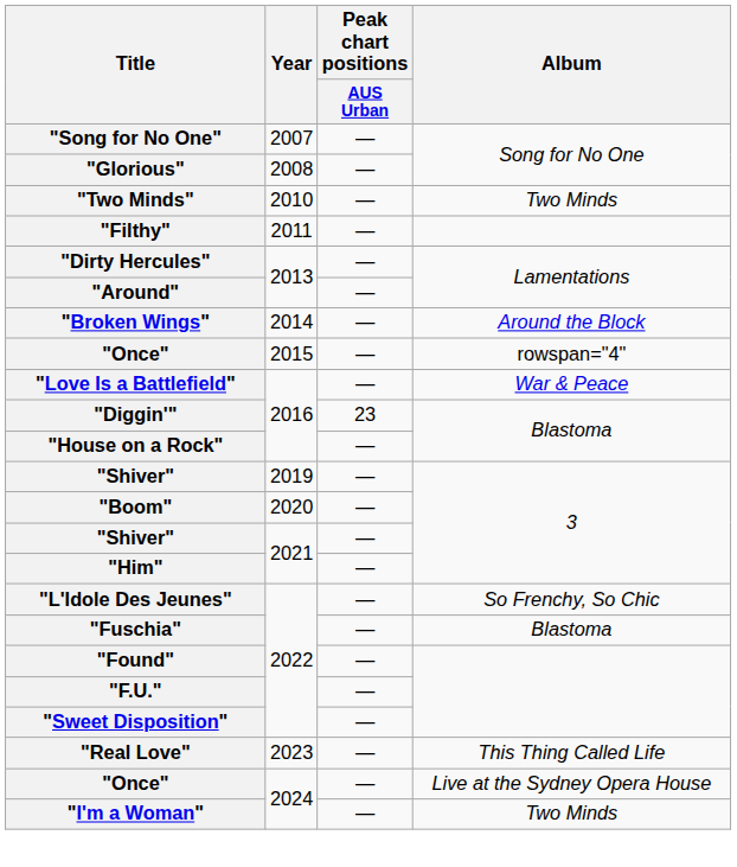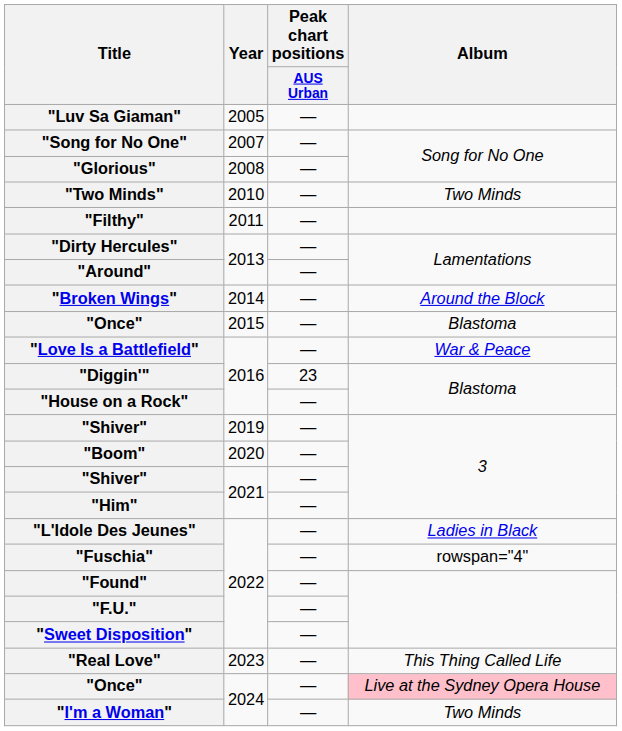 <table class="wikitable plainrowheaders" style="text-align:center">
 <tr>
 <th scope="col" rowspan="2" style="width:13em;">Title</th>
 <th scope="col" rowspan="2" style="width:1em;">Year</th>
 <th scope="col" colspan="1">Peak chart positions</th>
 <th scope="col" rowspan="2" style="width:16em;">Album</th>
 </tr>
 <tr>
 <th scope="col" style="width:3em;font-size:85%;"><a href='#'>AUS<br>Urban</a><br></th>
+</tr>
+<tr>
+<th scope="row">"Luv Sa Giaman"<br></th>
+<td>2005</td>
+<td>—</td>
+<td></td>
 </tr>
 <tr>
 <th scope="row">"Song for No One"</th>
 <td>2007</td>
 <td>—</td>
 <td rowspan="2"><em>Song for No One</em></td>
 </tr>
 <tr>
 <th scope="row">"Glorious"</th>
 <td>2008</td>
 <td>—</td>
 </tr>
 <tr>
 <th scope="row">"Two Minds"</th>
 <td>2010</td>
 <td>—</td>
 <td><em>Two Minds</em></td>
 </tr>
 <tr>
 <th scope="row">"Filthy"</th>
 <td>2011</td>
 <td>—</td>
 <td></td>
 </tr>
 <tr>
 <th scope="row">"Dirty Hercules"</th>
 <td rowspan="2">2013</td>
 <td>—</td>
 <td rowspan="2"><em>Lamentations</em></td>
 </tr>
 <tr>
 <th scope="row">"Around"</th>
 <td>—</td>
 </tr>
 <tr>
 <th scope="row">"<a href='#'>Broken Wings</a>" </th>
 <td>2014</td>
 <td>—</td>
 <td><em><a href='#'>Around the Block</a></em></td>
 </tr>
 <tr>
 <th scope="row">"Once"</th>
 <td>2015</td>
 <td>—</td>
-<td>rowspan="4" </td>
+<td><em>Blastoma</em></td>
 </tr>
 <tr>
 <th scope="row">"<a href='#'>Love Is a Battlefield</a>"</th>
 <td rowspan="3">2016</td>
 <td>—</td>
 <td><em><a href='#'>War & Peace</a></em></td>
 </tr>
 <tr>
 <th scope="row">"Diggin'"</th>
 <td>23</td>
 <td rowspan="2"><em>Blastoma</em></td>
 </tr>
 <tr>
 <th scope="row">"House on a Rock"</th>
 <td>—</td>
 </tr>
 <tr>
 <th scope="row">"Shiver"</th>
 <td>2019</td>
 <td>—</td>
 <td rowspan="4"><em>3</em></td>
 </tr>
 <tr>
 <th scope="row">"Boom"</th>
 <td>2020</td>
 <td>—</td>
 </tr>
 <tr>
 <th scope="row">"Shiver"</th>
 <td rowspan="2">2021</td>
 <td>—</td>
 </tr>
 <tr>
 <th scope="row">"Him"</th>
 <td>—</td>
 </tr>
 <tr>
 <th scope="row">"L'Idole Des Jeunes"</th>
 <td rowspan="5">2022</td>
 <td>—</td>
-<td><em>So Frenchy, So Chic</em></td>
+<td><em><a href='#'>Ladies in Black</a></em></td>
 </tr>
 <tr>
 <th scope="row">"Fuschia"</th>
 <td>—</td>
-<td><em>Blastoma</em></td>
+<td>rowspan="4" </td>
 </tr>
 <tr>
 <th scope="row">"Found"</th>
 <td>—</td>
 </tr>
 <tr>
 <th scope="row">"F.U."</th>
 <td>—</td>
 </tr>
 <tr>
 <th scope="row">"<a href='#'>Sweet Disposition</a>"<br></th>
 <td>—</td>
 </tr>
 <tr>
 <th scope="row">"Real Love"<br></th>
 <td>2023</td>
 <td>—</td>
 <td><em>This Thing Called Life</em></td>
 </tr>
 <tr>
 <th scope="row">"Once"<br></th>
 <td rowspan="2">2024</td>
 <td>—</td>
-<td><em>Live at the Sydney Opera House</em></td>
+<td style="background: pink;"><em>Live at the Sydney Opera House</em></td>
 </tr>
 <tr>
 <th scope="row">"<a href='#'>I'm a Woman</a>"</th>
 <td>—</td>
 <td><em>Two Minds</em></td>
 </tr>
 </table>
